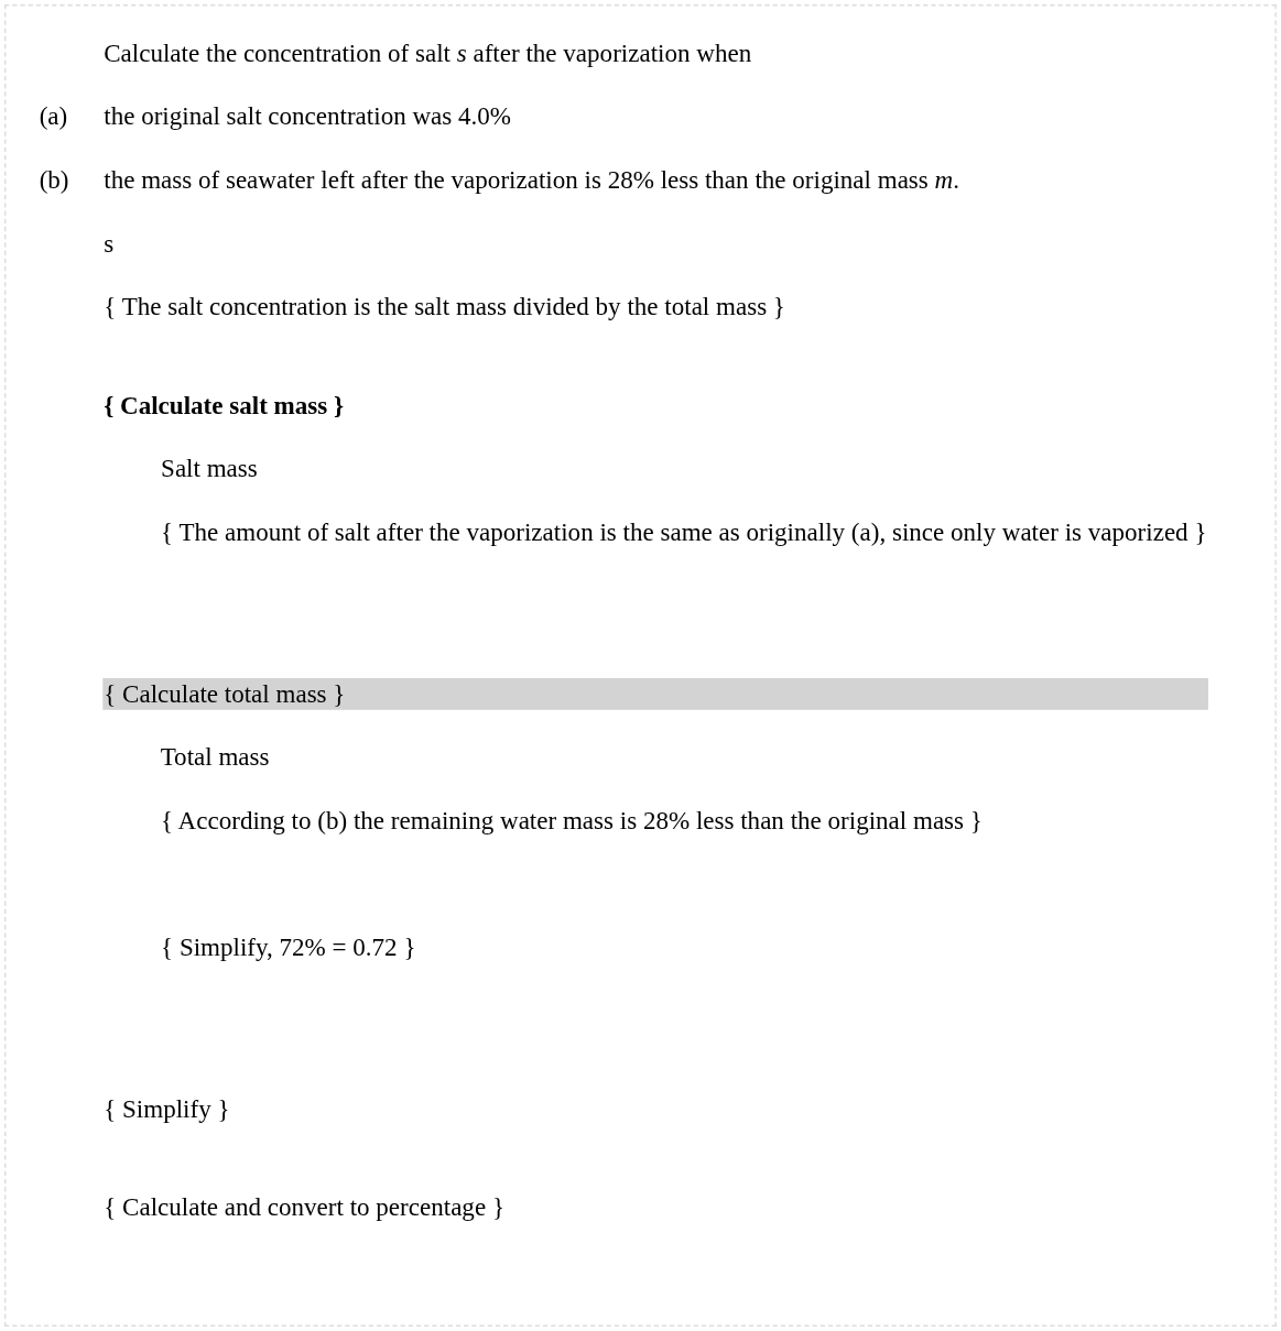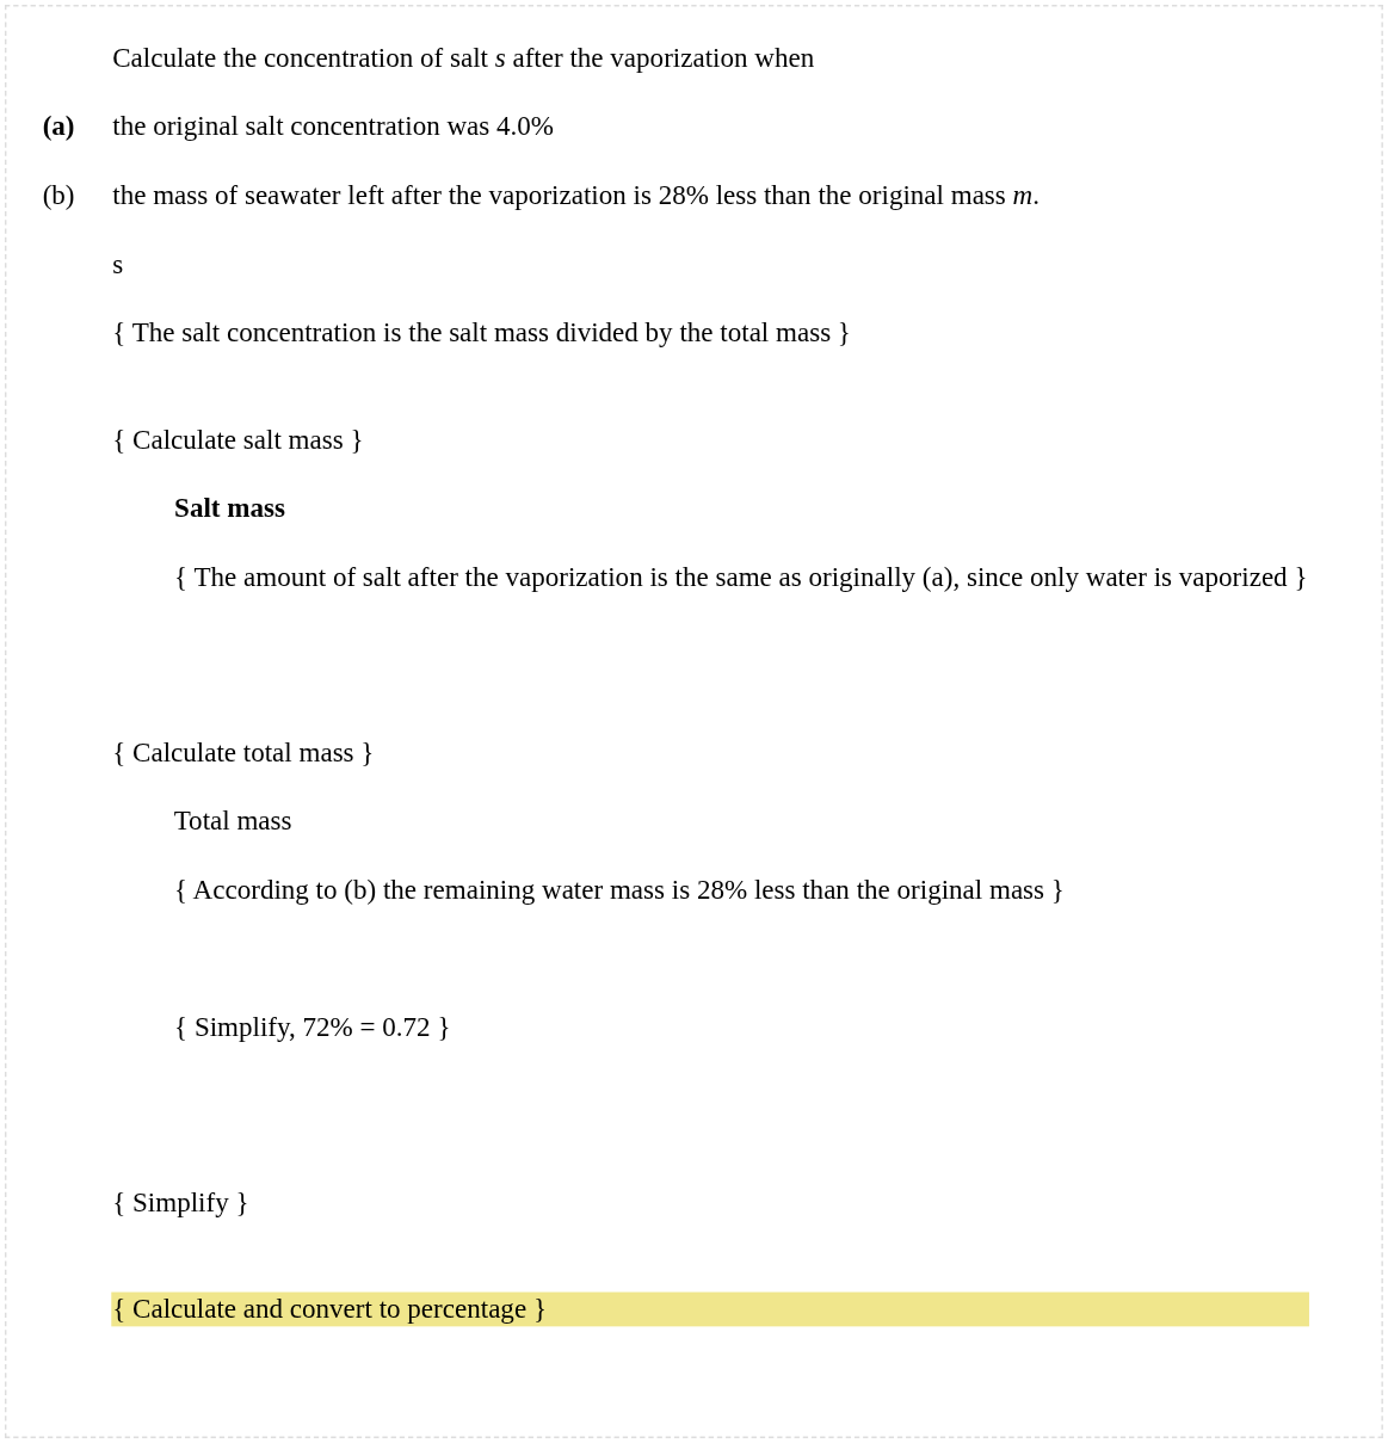 <table style="border:1px dashed #ddd;" cellspacing="20">
 <tr>
 <td></td>
 <td>Calculate the concentration of salt <em>s</em> after the vaporization when</td>
 </tr>
 <tr>
-<td>(a)</td>
+<td><strong>(a)</strong></td>
 <td>the original salt concentration was 4.0%</td>
 </tr>
 <tr>
 <td>(b)</td>
 <td>the mass of seawater left after the vaporization is 28% less than the original mass <em>m</em>.</td>
 </tr>
 <tr>
 <td></td>
 <td>s</td>
 </tr>
 <tr>
 <td></td>
 <td>{ The salt concentration is the salt mass divided by the total mass }</td>
 </tr>
 <tr>
 <td></td>
 <td></td>
 <td></td>
 </tr>
 <tr>
 <td></td>
-<td><strong>{ Calculate salt mass }</strong></td>
+<td>{ Calculate salt mass }</td>
 </tr>
 <tr>
 <td></td>
-<td>                    Salt mass</td>
+<td><strong>                    Salt mass</strong></td>
 </tr>
 <tr>
 <td></td>
 <td>          { The amount of salt after the vaporization is the same as originally (a), since only water is vaporized }</td>
 </tr>
 <tr>
 <td></td>
 <td>          </td>
 </tr>
 <tr>
 <td></td>
 <td></td>
 </tr>
 <tr>
 <td></td>
-<td style="background: lightgrey;">{ Calculate total mass }</td>
+<td>{ Calculate total mass }</td>
 </tr>
 <tr>
 <td></td>
 <td>                    Total mass</td>
 </tr>
 <tr>
 <td></td>
 <td>          { According to (b) the remaining water mass is 28% less than the original mass  }</td>
 </tr>
 <tr>
 <td></td>
 <td>          </td>
 </tr>
 <tr>
 <td></td>
 <td>          { Simplify, 72% = 0.72 }</td>
 </tr>
 <tr>
 <td></td>
 <td>          </td>
 </tr>
 <tr>
 <td></td>
 <td></td>
 </tr>
 <tr>
 <td></td>
 <td>{ Simplify }</td>
 </tr>
 <tr>
 <td></td>
 <td></td>
 </tr>
 <tr>
 <td></td>
-<td>{ Calculate and convert to percentage }</td>
+<td style="background: khaki;">{ Calculate and convert to percentage }</td>
 </tr>
 <tr>
 <td></td>
 <td></td>
 </tr>
 <tr>
 <td></td>
 <td></td>
 </tr>
 </table>
